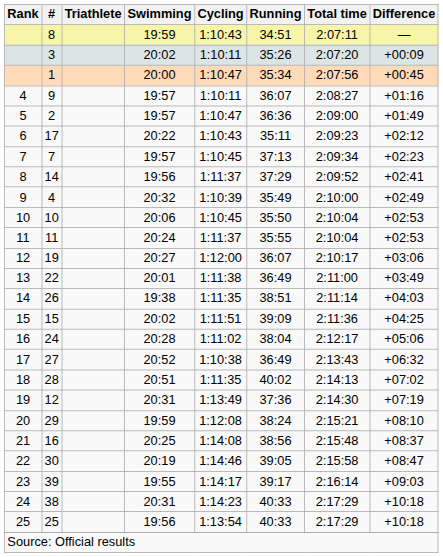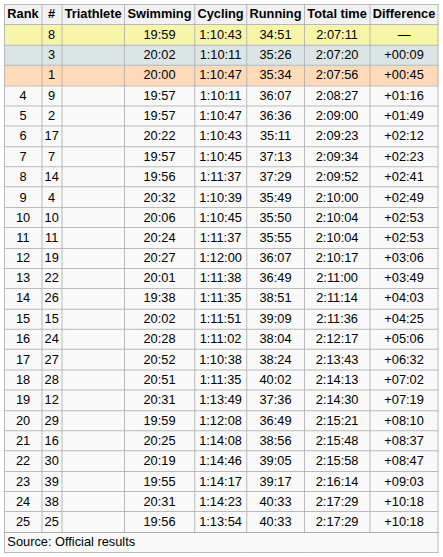 <table class="wikitable sortable" style="text-align:center">
 <tr>
 <th data-sort-type="number">Rank</th>
 <th>#</th>
 <th>Triathlete</th>
 <th>Swimming</th>
 <th>Cycling</th>
 <th>Running</th>
 <th>Total time</th>
 <th>Difference</th>
 </tr>
 <tr style="background:#F7F6A8;”">
 <td></td>
 <td>8</td>
 <td align=left></td>
 <td>19:59</td>
 <td>1:10:43</td>
 <td>34:51</td>
 <td>2:07:11</td>
 <td>—</td>
 </tr>
 <tr style="background:#DCE5E5;”">
 <td></td>
 <td>3</td>
 <td align=left></td>
 <td>20:02</td>
 <td>1:10:11</td>
 <td>35:26</td>
 <td>2:07:20</td>
 <td>+00:09</td>
 </tr>
 <tr style="background:#FFDAB9;">
 <td></td>
 <td>1</td>
 <td align=left></td>
 <td>20:00</td>
 <td>1:10:47</td>
 <td>35:34</td>
 <td>2:07:56</td>
 <td>+00:45</td>
 </tr>
 <tr>
 <td>4</td>
 <td>9</td>
 <td align=left></td>
 <td>19:57</td>
 <td>1:10:11</td>
 <td>36:07</td>
 <td>2:08:27</td>
 <td>+01:16</td>
 </tr>
 <tr>
 <td>5</td>
 <td>2</td>
 <td align=left></td>
 <td>19:57</td>
 <td>1:10:47</td>
 <td>36:36</td>
 <td>2:09:00</td>
 <td>+01:49</td>
 </tr>
 <tr>
 <td>6</td>
 <td>17</td>
 <td align=left></td>
 <td>20:22</td>
 <td>1:10:43</td>
 <td>35:11</td>
 <td>2:09:23</td>
 <td>+02:12</td>
 </tr>
 <tr>
 <td>7</td>
 <td>7</td>
 <td align=left></td>
 <td>19:57</td>
 <td>1:10:45</td>
 <td>37:13</td>
 <td>2:09:34</td>
 <td>+02:23</td>
 </tr>
 <tr>
 <td>8</td>
 <td>14</td>
 <td align=left></td>
 <td>19:56</td>
 <td>1:11:37</td>
 <td>37:29</td>
 <td>2:09:52</td>
 <td>+02:41</td>
 </tr>
 <tr>
 <td>9</td>
 <td>4</td>
 <td align=left></td>
 <td>20:32</td>
 <td>1:10:39</td>
 <td>35:49</td>
 <td>2:10:00</td>
 <td>+02:49</td>
 </tr>
 <tr>
 <td>10</td>
 <td>10</td>
 <td align=left></td>
 <td>20:06</td>
 <td>1:10:45</td>
 <td>35:50</td>
 <td>2:10:04</td>
 <td>+02:53</td>
 </tr>
 <tr>
 <td>11</td>
 <td>11</td>
 <td align=left></td>
 <td>20:24</td>
 <td>1:11:37</td>
 <td>35:55</td>
 <td>2:10:04</td>
 <td>+02:53</td>
 </tr>
 <tr>
 <td>12</td>
 <td>19</td>
 <td align=left></td>
 <td>20:27</td>
 <td>1:12:00</td>
 <td>36:07</td>
 <td>2:10:17</td>
 <td>+03:06</td>
 </tr>
 <tr>
 <td>13</td>
 <td>22</td>
 <td align=left></td>
 <td>20:01</td>
 <td>1:11:38</td>
 <td>36:49</td>
 <td>2:11:00</td>
 <td>+03:49</td>
 </tr>
 <tr>
 <td>14</td>
 <td>26</td>
 <td align=left></td>
 <td>19:38</td>
 <td>1:11:35</td>
 <td>38:51</td>
 <td>2:11:14</td>
 <td>+04:03</td>
 </tr>
 <tr>
 <td>15</td>
 <td>15</td>
 <td align=left></td>
 <td>20:02</td>
 <td>1:11:51</td>
 <td>39:09</td>
 <td>2:11:36</td>
 <td>+04:25</td>
 </tr>
 <tr>
 <td>16</td>
 <td>24</td>
 <td align=left></td>
 <td>20:28</td>
 <td>1:11:02</td>
 <td>38:04</td>
 <td>2:12:17</td>
 <td>+05:06</td>
 </tr>
 <tr>
 <td>17</td>
 <td>27</td>
 <td align=left></td>
 <td>20:52</td>
 <td>1:10:38</td>
-<td>36:49</td>
+<td>38:24</td>
 <td>2:13:43</td>
 <td>+06:32</td>
 </tr>
 <tr>
 <td>18</td>
 <td>28</td>
 <td align=left></td>
 <td>20:51</td>
 <td>1:11:35</td>
 <td>40:02</td>
 <td>2:14:13</td>
 <td>+07:02</td>
 </tr>
 <tr>
 <td>19</td>
 <td>12</td>
 <td align=left></td>
 <td>20:31</td>
 <td>1:13:49</td>
 <td>37:36</td>
 <td>2:14:30</td>
 <td>+07:19</td>
 </tr>
 <tr>
 <td>20</td>
 <td>29</td>
 <td align=left></td>
 <td>19:59</td>
 <td>1:12:08</td>
-<td>38:24</td>
+<td>36:49</td>
 <td>2:15:21</td>
 <td>+08:10</td>
 </tr>
 <tr>
 <td>21</td>
 <td>16</td>
 <td align=left></td>
 <td>20:25</td>
 <td>1:14:08</td>
 <td>38:56</td>
 <td>2:15:48</td>
 <td>+08:37</td>
 </tr>
 <tr>
 <td>22</td>
 <td>30</td>
 <td align=left></td>
 <td>20:19</td>
 <td>1:14:46</td>
 <td>39:05</td>
 <td>2:15:58</td>
 <td>+08:47</td>
 </tr>
 <tr>
 <td>23</td>
 <td>39</td>
 <td align=left></td>
 <td>19:55</td>
 <td>1:14:17</td>
 <td>39:17</td>
 <td>2:16:14</td>
 <td>+09:03</td>
 </tr>
 <tr>
 <td>24</td>
 <td>38</td>
 <td align=left></td>
 <td>20:31</td>
 <td>1:14:23</td>
 <td>40:33</td>
 <td>2:17:29</td>
 <td>+10:18</td>
 </tr>
 <tr>
 <td>25</td>
 <td>25</td>
 <td align=left></td>
 <td>19:56</td>
 <td>1:13:54</td>
 <td>40:33</td>
 <td>2:17:29</td>
 <td>+10:18</td>
 </tr>
 <tr>
 </tr>
 <tr class="sortbottom">
 <td colspan="9" style="text-align:left;">Source: Official results</td>
 </tr>
 </table>
